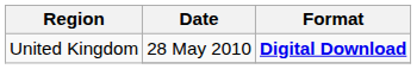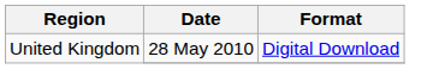 <table class="wikitable" border="1">
 <tr>
 <th>Region</th>
 <th>Date</th>
 <th>Format</th>
 </tr>
 <tr>
 <td rowspan=2>United Kingdom</td>
 <td>28 May 2010</td>
-<td><strong><a href='#'>Digital Download</a></strong></td>
+<td><a href='#'>Digital Download</a></td>
 </tr>
 <tr>
 </tr>
 </table>
